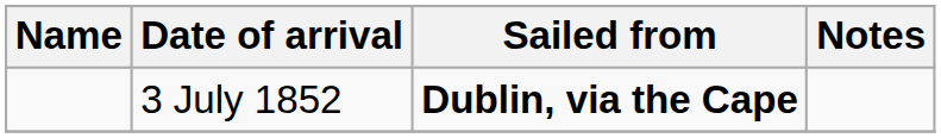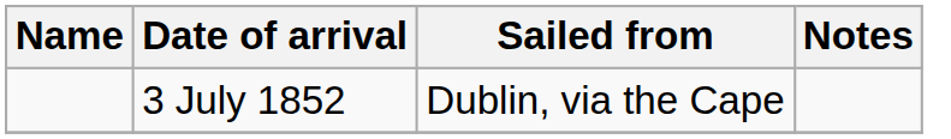 <table class="wikitable sortable" border="1">
 <tr>
 <th>Name</th>
 <th>Date of arrival</th>
 <th>Sailed from</th>
 <th>Notes</th>
 </tr>
 <tr>
 <td></td>
 <td>3 July 1852</td>
-<td><strong>Dublin, via the Cape</strong></td>
+<td>Dublin, via the Cape</td>
 <td></td>
 </tr>
 <tr>
 </tr>
 </table>
